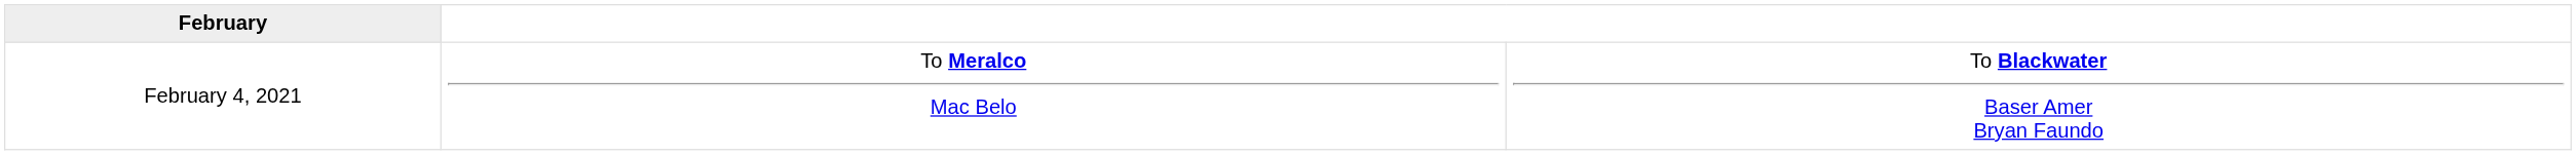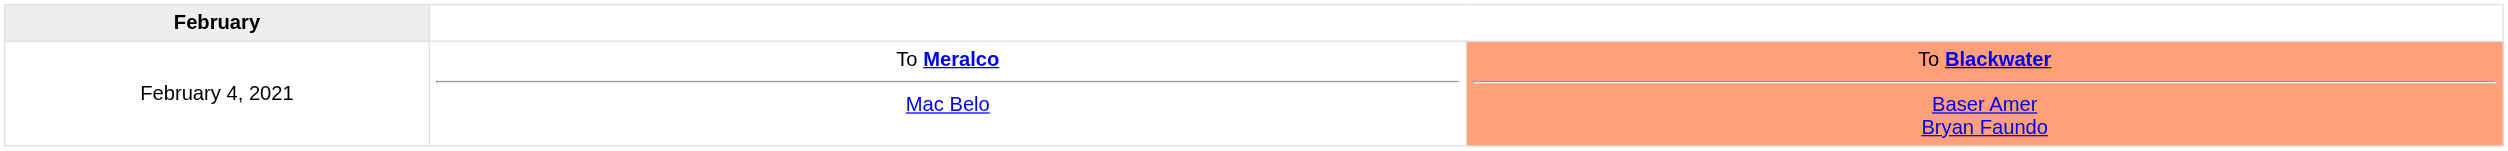 <table border=1 style="border-collapse:collapse; text-align: center; width: 100%" bordercolor="#DFDFDF"  cellpadding="5">
 <tr bgcolor="eeeeee">
 <th>February</th>
 </tr>
 <tr>
 <td style="width:12%">February 4, 2021</td>
 <td style="width:29.3%" valign="top">To <strong><a href='#'>Meralco</a></strong><hr><a href='#'>Mac Belo</a></td>
-<td style="width:29.3%" valign="top">To <strong><a href='#'>Blackwater</a></strong><hr><a href='#'>Baser Amer</a><br><a href='#'>Bryan Faundo</a></td>
+<td style="background: lightsalmon; width:29.3%" valign="top">To <strong><a href='#'>Blackwater</a></strong><hr><a href='#'>Baser Amer</a><br><a href='#'>Bryan Faundo</a></td>
 </tr>
 </table>
